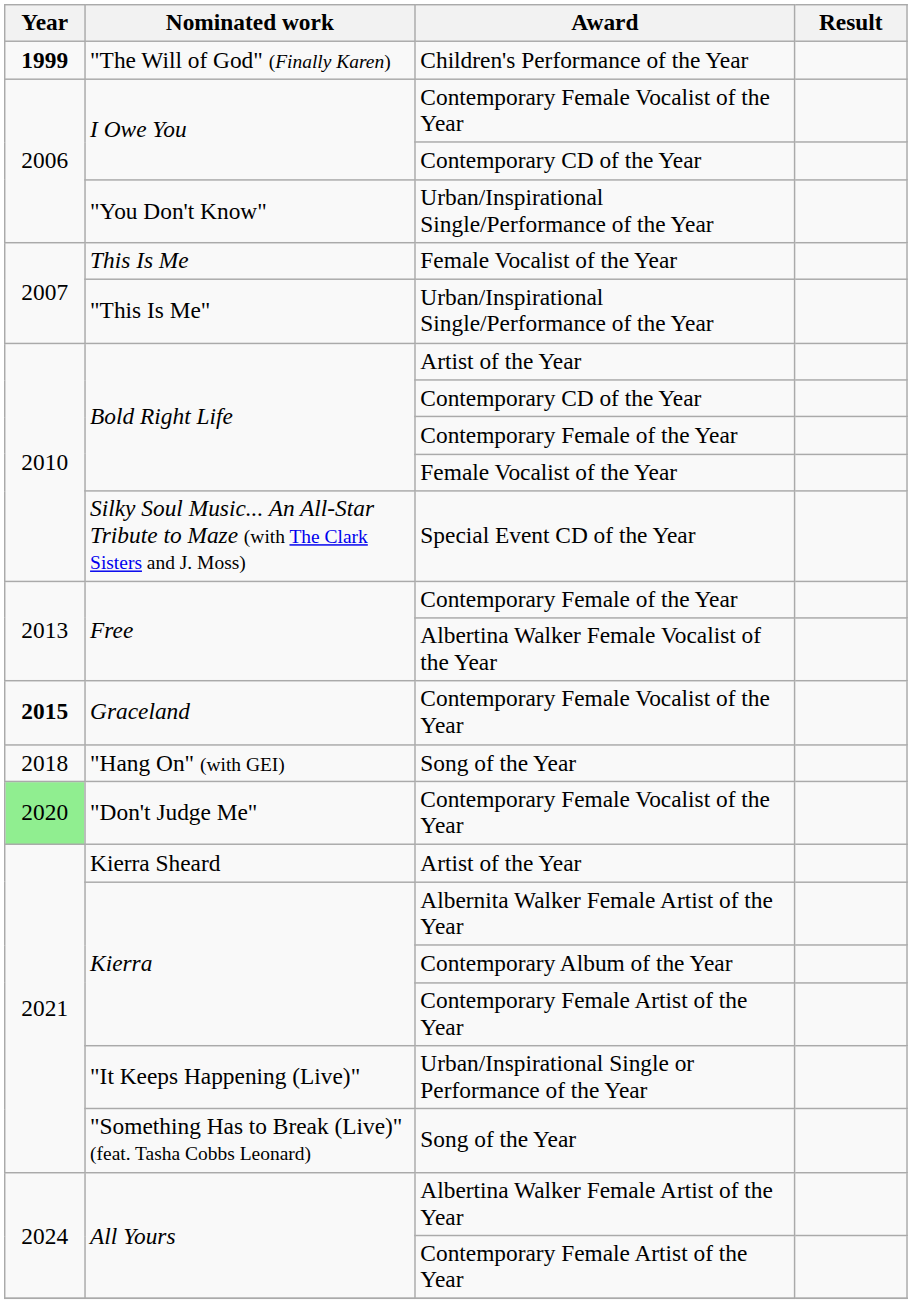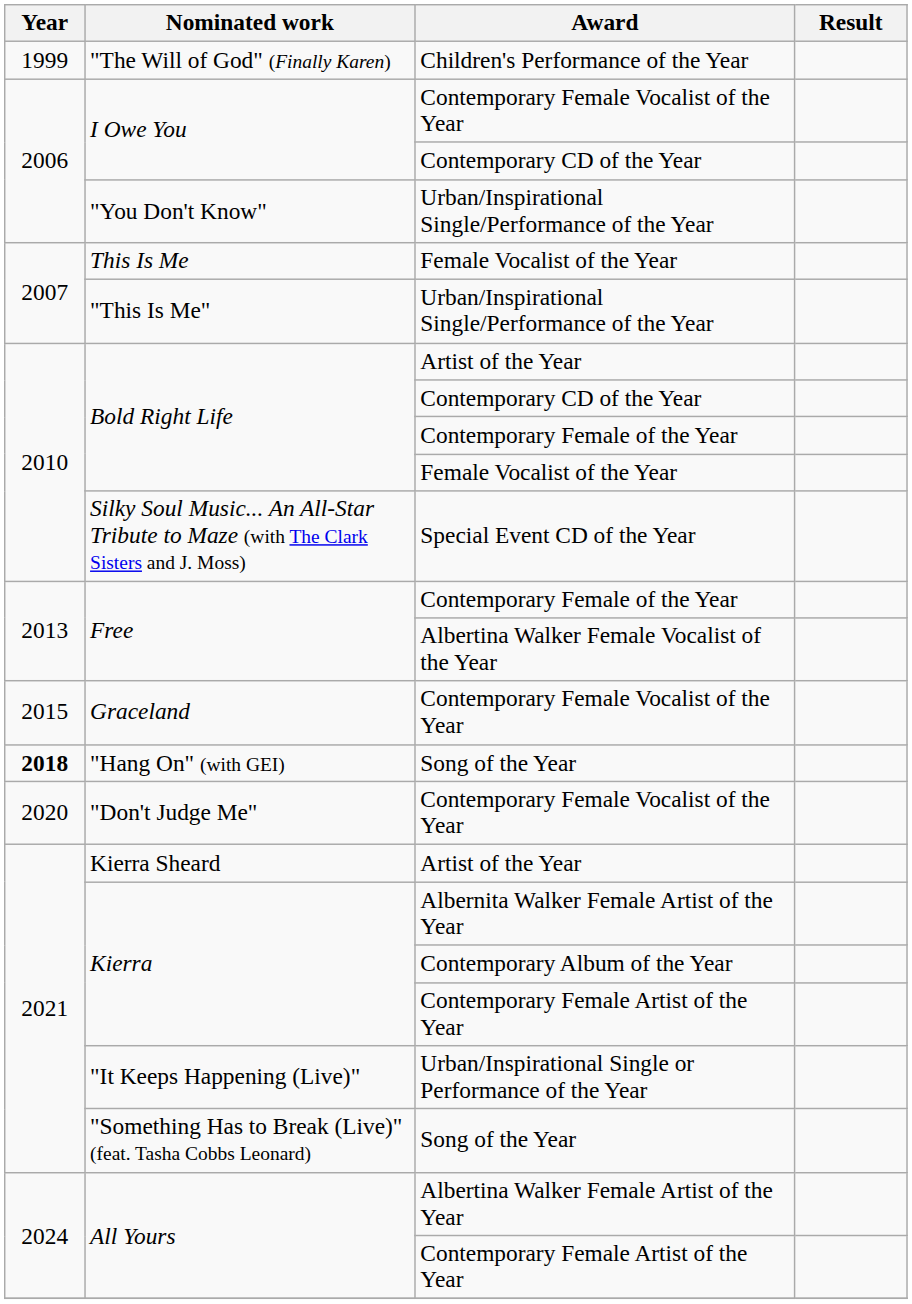 <table class="wikitable" style="width:70%;">
 <tr>
 <th style="width:3%;">Year</th>
 <th style="width:20%;">Nominated work</th>
 <th style="width:23%;">Award</th>
 <th style="width:5%;">Result</th>
 </tr>
 <tr>
-<td align="center"><strong>1999</strong></td>
+<td align="center">1999</td>
 <td>"The Will of God" <small>(<em>Finally Karen</em>)</small></td>
 <td>Children's Performance of the Year</td>
 <td></td>
 </tr>
 <tr>
 <td align="center" rowspan="3">2006</td>
 <td rowspan="2"><em>I Owe You</em></td>
 <td>Contemporary Female Vocalist of the Year</td>
 <td></td>
 </tr>
 <tr>
 <td>Contemporary CD of the Year</td>
 <td></td>
 </tr>
 <tr>
 <td>"You Don't Know"</td>
 <td>Urban/Inspirational Single/Performance of the Year</td>
 <td></td>
 </tr>
 <tr>
 <td align="center" rowspan="2">2007</td>
 <td><em>This Is Me</em></td>
 <td>Female Vocalist of the Year</td>
 <td></td>
 </tr>
 <tr>
 <td>"This Is Me"</td>
 <td>Urban/Inspirational Single/Performance of the Year</td>
 <td></td>
 </tr>
 <tr>
 <td align="center" rowspan="5">2010</td>
 <td rowspan="4"><em>Bold Right Life</em></td>
 <td>Artist of the Year</td>
 <td></td>
 </tr>
 <tr>
 <td>Contemporary CD of the Year</td>
 <td></td>
 </tr>
 <tr>
 <td>Contemporary Female of the Year</td>
 <td></td>
 </tr>
 <tr>
 <td>Female Vocalist of the Year</td>
 <td></td>
 </tr>
 <tr>
 <td><em>Silky Soul Music... An All-Star Tribute to Maze</em> <small>(with <a href='#'>The Clark Sisters</a> and J. Moss)</small></td>
 <td>Special Event CD of the Year</td>
 <td></td>
 </tr>
 <tr>
 <td align="center" rowspan="2">2013</td>
 <td rowspan="2"><em>Free</em></td>
 <td>Contemporary Female of the Year</td>
 <td></td>
 </tr>
 <tr>
 <td>Albertina Walker Female Vocalist of the Year</td>
 <td></td>
 </tr>
 <tr>
-<td align="center"><strong>2015</strong></td>
+<td align="center">2015</td>
 <td><em>Graceland</em></td>
 <td>Contemporary Female Vocalist of the Year</td>
 <td></td>
 </tr>
 <tr>
-<td align="center">2018</td>
+<td align="center"><strong>2018</strong></td>
 <td>"Hang On" <small>(with GEI)</small></td>
 <td>Song of the Year</td>
 <td></td>
 </tr>
 <tr>
-<td align="center" style="background: lightgreen;">2020</td>
+<td align="center">2020</td>
 <td>"Don't Judge Me"</td>
 <td>Contemporary Female Vocalist of the Year</td>
 <td></td>
 </tr>
 <tr>
 <td align="center" rowspan="6">2021</td>
 <td>Kierra Sheard</td>
 <td>Artist of the Year</td>
 <td></td>
 </tr>
 <tr>
 <td rowspan="3"><em>Kierra</em></td>
 <td>Albernita Walker Female Artist of the Year</td>
 <td></td>
 </tr>
 <tr>
 <td>Contemporary Album of the Year</td>
 <td></td>
 </tr>
 <tr>
 <td>Contemporary Female Artist of the Year</td>
 <td></td>
 </tr>
 <tr>
 <td>"It Keeps Happening (Live)"</td>
 <td>Urban/Inspirational Single or Performance of the Year</td>
 <td></td>
 </tr>
 <tr>
 <td>"Something Has to Break (Live)" <small>(feat. Tasha Cobbs Leonard)</small></td>
 <td>Song of the Year</td>
 <td></td>
 </tr>
 <tr>
 <td align="center" rowspan="2">2024</td>
 <td rowspan="2"><em>All Yours</em></td>
 <td>Albertina Walker Female Artist of the Year</td>
 <td></td>
 </tr>
 <tr>
 <td>Contemporary Female Artist of the Year</td>
 <td></td>
 </tr>
 <tr>
 </tr>
 </table>
